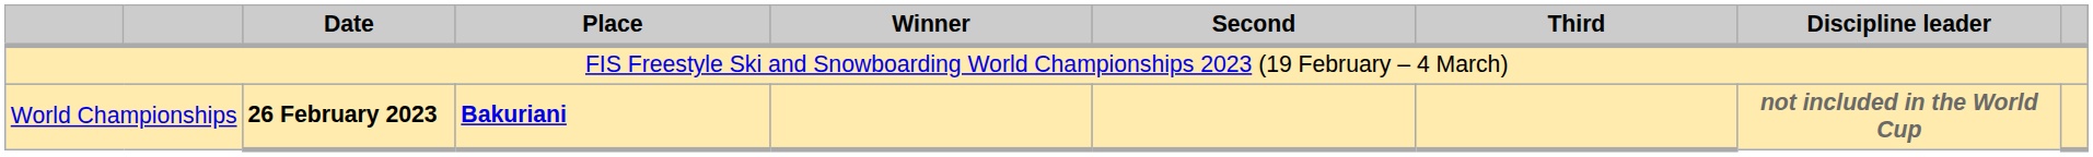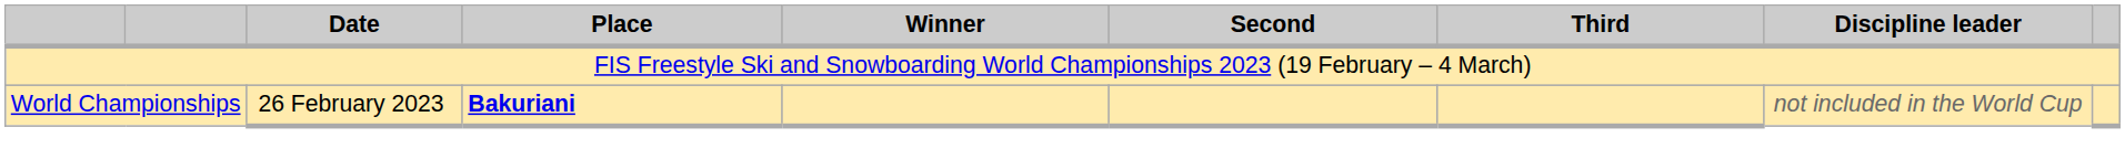 <table class="wikitable plainrowheaders" style="background:#fff; font-size:86%; line-height:16px; border:grey solid 1px; border-collapse:collapse;">
 <tr>
 <th scope="col" style="background:#ccc; width=20 px;"></th>
 <th scope="col" style="background:#ccc; width=30 px;"></th>
 <th scope="col" style="background:#ccc; width:120px;">Date</th>
 <th scope="col" style="background:#ccc; width:180px;">Place</th>
 <th scope="col" style="background:#ccc; width:185px;">Winner</th>
 <th scope="col" style="background:#ccc; width:185px;">Second</th>
 <th scope="col" style="background:#ccc; width:185px;">Third</th>
 <th scope="col" style="background:#ccc; width:185px;">Discipline leader</th>
 <th scope="col" style="background:#ccc; width:10px;"></th>
 </tr>
 <tr style="background:#FFEBAD">
 <td align=center style="border-top-width:3px" colspan=11><a href='#'>FIS Freestyle Ski and Snowboarding World Championships 2023</a> (19 February – 4 March)</td>
 </tr>
 <tr style="background:#FFEBAD">
 <td colspan=2 align="center" style=color:#696969 style="border-bottom-width:3px"><a href='#'>World Championships</a></td>
-<td style="border-bottom-width:3px" align="right"><strong>26 February 2023  </strong></td>
+<td style="border-bottom-width:3px" align="right">26 February 2023  </td>
 <td style="border-bottom-width:3px"><strong> <a href='#'>Bakuriani</a></strong></td>
 <td style="border-bottom-width:3px"></td>
 <td style="border-bottom-width:3px"></td>
 <td style="border-bottom-width:3px"></td>
-<td align="center" style=color:#696969 style="border-bottom-width:3px"><strong><em>not included in the World Cup</em></strong></td>
+<td align="center" style=color:#696969 style="border-bottom-width:3px"><em>not included in the World Cup</em></td>
 <td style="border-bottom-width:3px"></td>
 </tr>
 </table>
